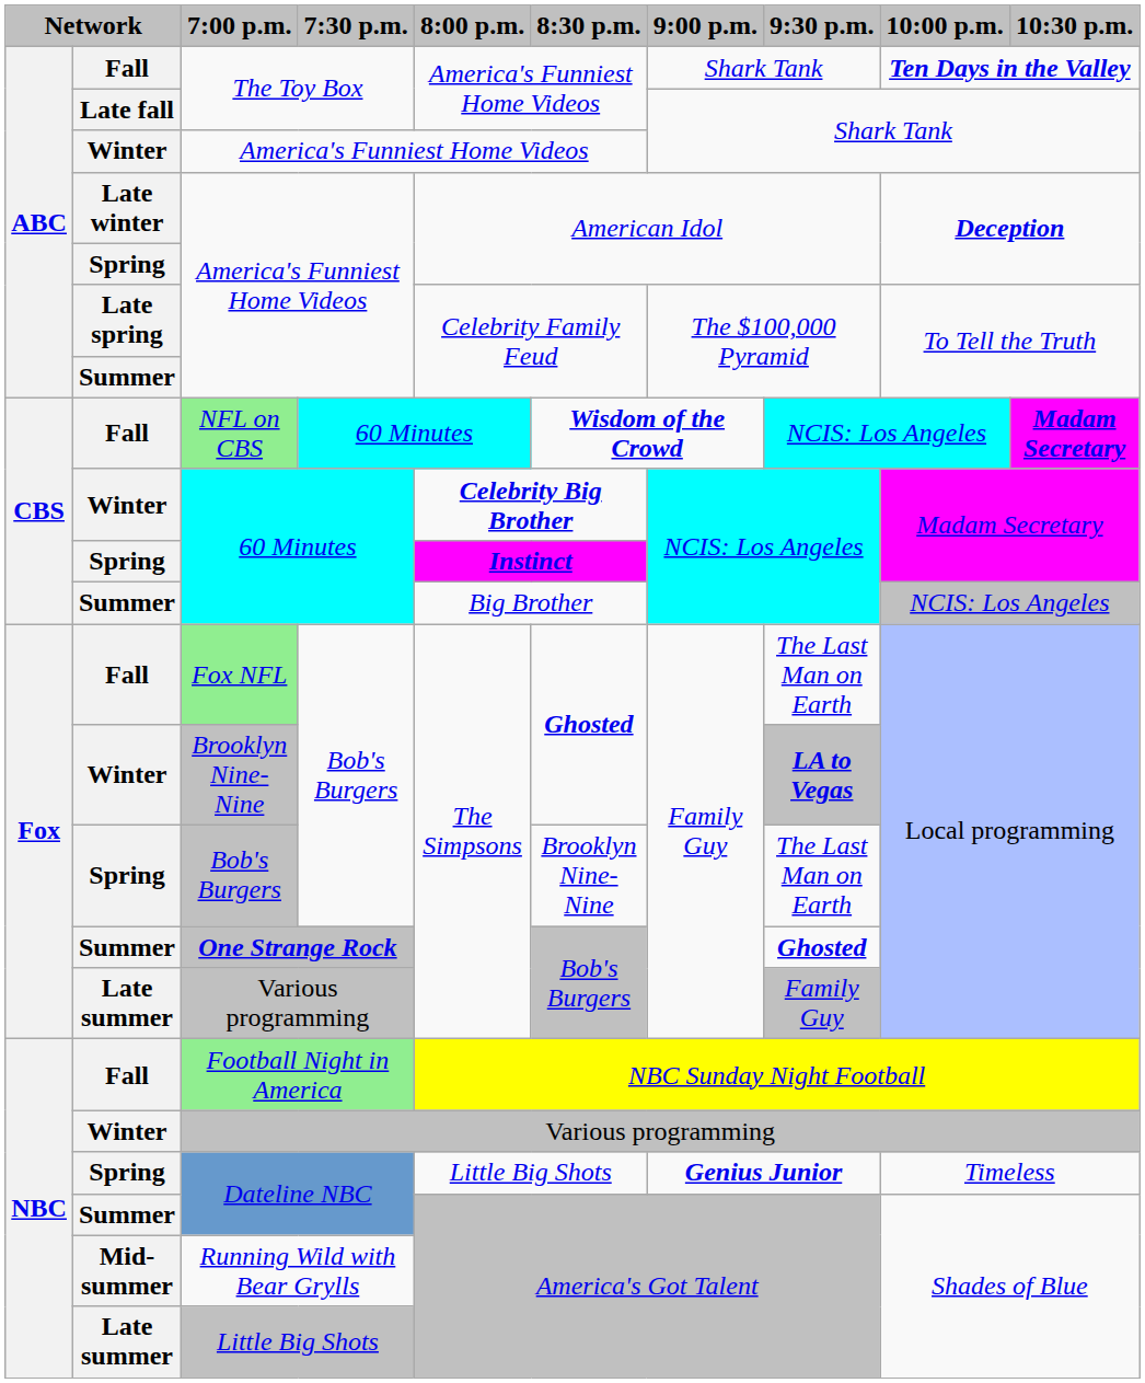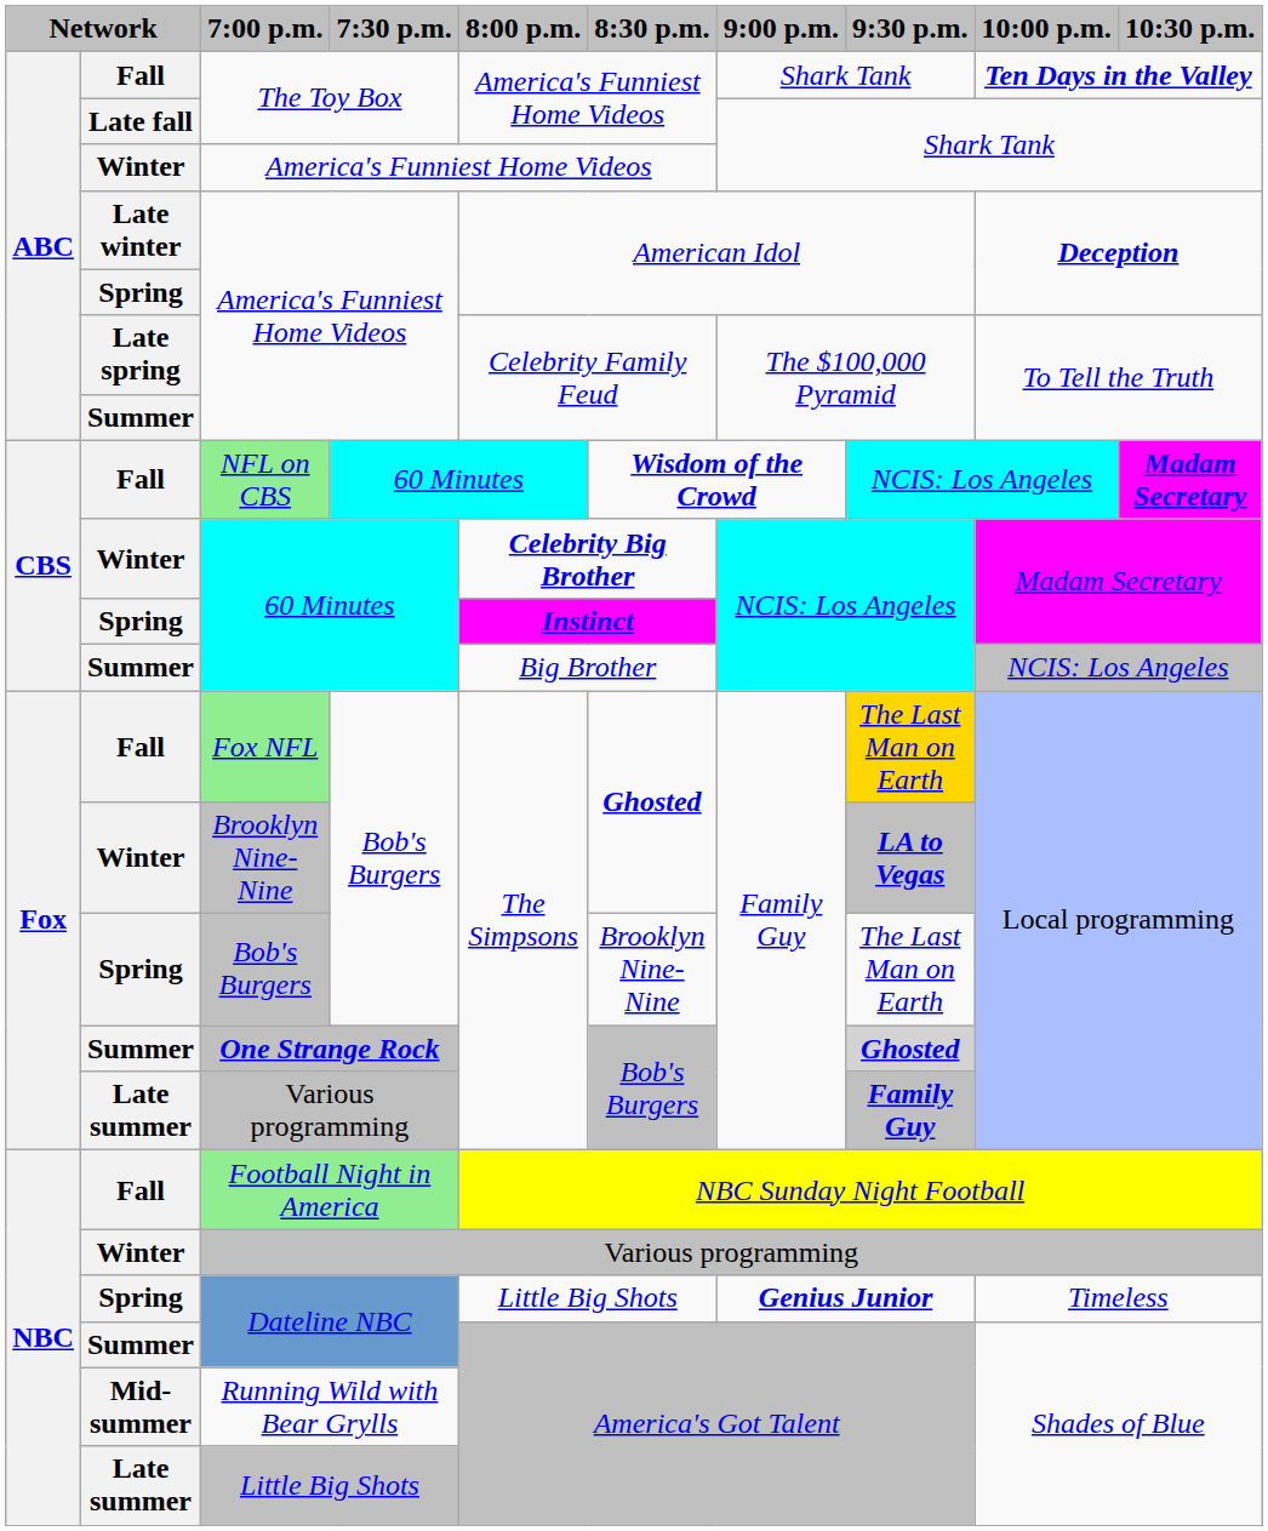 <table class="wikitable" style="width:100%;margin-right:0;text-align:center">
 <tr>
 <th colspan="2" style="background-color:#C0C0C0;text-align:center">Network</th>
 <th style="background-color:#C0C0C0;text-align:center">7:00 p.m.</th>
 <th style="background-color:#C0C0C0;text-align:center">7:30 p.m.</th>
 <th style="background-color:#C0C0C0;text-align:center">8:00 p.m.</th>
 <th style="background-color:#C0C0C0;text-align:center">8:30 p.m.</th>
 <th style="background-color:#C0C0C0;text-align:center">9:00 p.m.</th>
 <th style="background-color:#C0C0C0;text-align:center;width:11.3%;">9:30 p.m.</th>
 <th style="background-color:#C0C0C0;text-align:center">10:00 p.m.</th>
 <th style="background-color:#C0C0C0;text-align:center;width:10%;">10:30 p.m.</th>
 </tr>
 <tr>
 <th rowspan="7"><a href='#'>ABC</a></th>
 <th>Fall</th>
 <td rowspan="2" colspan="2"><em><a href='#'>The Toy Box</a></em></td>
 <td rowspan="2" colspan="2"><em><a href='#'>America's Funniest Home Videos</a></em></td>
 <td colspan="2"><em><a href='#'>Shark Tank</a></em></td>
 <td colspan="2"><strong><em><a href='#'>Ten Days in the Valley</a></em></strong></td>
 </tr>
 <tr>
 <th>Late fall</th>
 <td rowspan="2" colspan="4"><em><a href='#'>Shark Tank</a></em></td>
 </tr>
 <tr>
 <th>Winter</th>
 <td colspan="4"><em><a href='#'>America's Funniest Home Videos</a></em></td>
 </tr>
 <tr>
 <th>Late winter</th>
 <td rowspan="4" colspan="2"><em><a href='#'>America's Funniest Home Videos</a></em></td>
 <td rowspan="2" colspan="4"><em><a href='#'>American Idol</a></em></td>
 <td rowspan="2" colspan="2"><strong><em><a href='#'>Deception</a></em></strong></td>
 </tr>
 <tr>
 <th>Spring</th>
 </tr>
 <tr>
 <th>Late spring</th>
 <td rowspan="2" colspan="2"><em><a href='#'>Celebrity Family Feud</a></em></td>
 <td rowspan="2" colspan="2"><em><a href='#'>The $100,000 Pyramid</a></em></td>
 <td rowspan="2" colspan="2"><em><a href='#'>To Tell the Truth</a></em></td>
 </tr>
 <tr>
 <th>Summer</th>
 </tr>
 <tr>
 <th rowspan="4"><a href='#'>CBS</a></th>
 <th>Fall</th>
 <td style="background:lightgreen"><em><a href='#'>NFL on CBS</a></em> </td>
 <td colspan="2" style="background:#00FFFF;"><em><a href='#'>60 Minutes</a></em> </td>
 <td colspan="2"><strong><em><a href='#'>Wisdom of the Crowd</a></em></strong></td>
 <td colspan="2" style="background:#00FFFF;"><em><a href='#'>NCIS: Los Angeles</a></em> </td>
 <td style="background:#FF00FF;"><strong><em><a href='#'>Madam Secretary</a></em>  </strong></td>
 </tr>
 <tr>
 <th>Winter</th>
 <td rowspan="3" colspan="2" style="background:#00FFFF;"><em><a href='#'>60 Minutes</a></em> </td>
 <td colspan="2"><strong><em><a href='#'>Celebrity Big Brother</a></em></strong></td>
 <td rowspan="3" colspan="2" style="background:#00FFFF;"><em><a href='#'>NCIS: Los Angeles</a></em> </td>
 <td rowspan="2" colspan="2" style="background:#FF00FF;"><em><a href='#'>Madam Secretary</a></em> </td>
 </tr>
 <tr>
 <th>Spring</th>
 <td colspan="2" style="background:#FF00FF;"><strong><em><a href='#'>Instinct</a></em></strong> </td>
 </tr>
 <tr>
 <th>Summer</th>
 <td colspan="2"><em><a href='#'>Big Brother</a></em></td>
 <td colspan="2" style="background:#C0C0C0;"><em><a href='#'>NCIS: Los Angeles</a></em> </td>
 </tr>
 <tr>
 <th rowspan="5"><a href='#'>Fox</a></th>
 <th>Fall</th>
 <td style="background:lightgreen"><em><a href='#'>Fox NFL</a></em> </td>
 <td rowspan="3"><em><a href='#'>Bob's Burgers</a></em></td>
 <td rowspan="5"><em><a href='#'>The Simpsons</a></em></td>
 <td rowspan="2"><strong><em><a href='#'>Ghosted</a></em></strong></td>
 <td rowspan="5"><em><a href='#'>Family Guy</a></em></td>
-<td><em><a href='#'>The Last Man on Earth</a></em></td>
+<td style="background: gold;"><em><a href='#'>The Last Man on Earth</a></em></td>
 <td rowspan="5" colspan="2" style="background:#abbfff;">Local programming</td>
 </tr>
 <tr>
 <th>Winter</th>
 <td style="background:#C0C0C0;"><em><a href='#'>Brooklyn Nine-Nine</a></em> </td>
 <td style="background:#C0C0C0;"><strong><em><a href='#'>LA to Vegas</a></em></strong> </td>
 </tr>
 <tr>
 <th>Spring</th>
 <td style="background:#C0C0C0;"><em><a href='#'>Bob's Burgers</a></em> </td>
 <td><em><a href='#'>Brooklyn Nine-Nine</a></em></td>
 <td><em><a href='#'>The Last Man on Earth</a></em></td>
 </tr>
 <tr>
 <th>Summer</th>
 <td colspan="2" style="background:#C0C0C0;"><strong><em><a href='#'>One Strange Rock</a></em></strong> </td>
 <td rowspan="2" style="background:#C0C0C0;"><em><a href='#'>Bob's Burgers</a></em> </td>
-<td><strong><em><a href='#'>Ghosted</a></em></strong></td>
+<td style="background: lightgrey;"><strong><em><a href='#'>Ghosted</a></em></strong></td>
 </tr>
 <tr>
 <th>Late summer</th>
 <td colspan="2" style="background:#C0C0C0;">Various programming</td>
-<td style="background:#C0C0C0;"><em><a href='#'>Family Guy</a></em> </td>
+<td style="background:#C0C0C0;"><strong><em><a href='#'>Family Guy</a></em> </strong></td>
 </tr>
 <tr>
 <th rowspan="6"><a href='#'>NBC</a></th>
 <th>Fall</th>
 <td colspan="2" style="background:lightgreen"><em><a href='#'>Football Night in America</a></em></td>
 <td colspan="6" style="background:#FFFF00;"><em><a href='#'>NBC Sunday Night Football</a></em>   </td>
 </tr>
 <tr>
 <th>Winter</th>
 <td colspan="8" style="background:#C0C0C0;">Various programming</td>
 </tr>
 <tr>
 <th>Spring</th>
 <td rowspan="2" colspan="2" style="background:#6699CC;"><em><a href='#'>Dateline NBC</a></em></td>
 <td colspan="2"><em><a href='#'>Little Big Shots</a></em></td>
 <td colspan="2"><strong><em><a href='#'>Genius Junior</a></em></strong></td>
 <td colspan="2"><em><a href='#'>Timeless</a></em></td>
 </tr>
 <tr>
 <th>Summer</th>
 <td rowspan="3" colspan="4" style="background:#C0C0C0;"><em><a href='#'>America's Got Talent</a></em> </td>
 <td rowspan="3" colspan="2"><em><a href='#'>Shades of Blue</a></em></td>
 </tr>
 <tr>
 <th>Mid-summer</th>
 <td colspan="2"><em><a href='#'>Running Wild with Bear Grylls</a></em></td>
 </tr>
 <tr>
 <th>Late summer</th>
 <td colspan="2" style="background:#C0C0C0;"><em><a href='#'>Little Big Shots</a></em> </td>
 </tr>
 </table>
